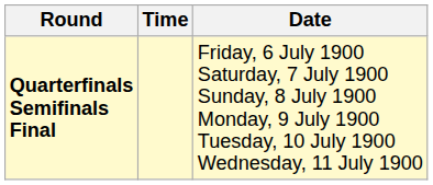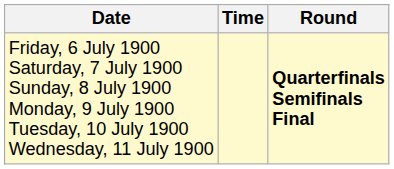 <table class="wikitable">
 <tr>
+<th>Date</th>
+<th>Time</th>
 <th>Round</th>
-<th>Time</th>
-<th>Date</th>
 </tr>
 <tr style=background:lemonchiffon>
+<td>Friday, 6 July 1900<br>Saturday, 7 July 1900<br>Sunday, 8 July 1900<br>Monday, 9 July 1900<br>Tuesday, 10 July 1900<br>Wednesday, 11 July 1900</td>
+<td></td>
 <td><strong>Quarterfinals</strong><br><strong>Semifinals</strong><br><strong>Final</strong></td>
-<td></td>
-<td>Friday, 6 July 1900<br>Saturday, 7 July 1900<br>Sunday, 8 July 1900<br>Monday, 9 July 1900<br>Tuesday, 10 July 1900<br>Wednesday, 11 July 1900</td>
 </tr>
 </table>
